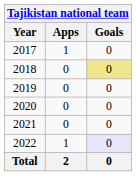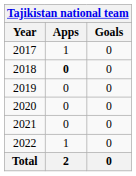 <table class="wikitable" style="text-align:center">
 <tr>
 <th colspan=3><a href='#'>Tajikistan national team</a></th>
 </tr>
 <tr>
 <th>Year</th>
 <th>Apps</th>
 <th>Goals</th>
 </tr>
 <tr>
 <td>2017</td>
 <td>1</td>
 <td>0</td>
 </tr>
 <tr>
 <td>2018</td>
+<td><strong>0</strong></td>
 <td>0</td>
-<td style="background: khaki;">0</td>
 </tr>
 <tr>
 <td>2019</td>
 <td>0</td>
 <td>0</td>
 </tr>
 <tr>
 <td>2020</td>
 <td>0</td>
 <td>0</td>
 </tr>
 <tr>
 <td>2021</td>
 <td>0</td>
 <td>0</td>
 </tr>
 <tr>
 <td>2022</td>
 <td>1</td>
-<td style="background: lavender;">0</td>
+<td>0</td>
 </tr>
 <tr>
 <th>Total</th>
 <th>2</th>
 <th>0</th>
 </tr>
 </table>
